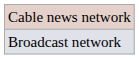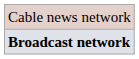 <table class="wikitable" style="font-size:95%;">
 <tr style="background:#e5d1cb;">
 <td>Cable news network</td>
 </tr>
 <tr style="background:#dfe2e9;">
-<td>Broadcast network</td>
+<td><strong>Broadcast network</strong></td>
 </tr>
 </table>
